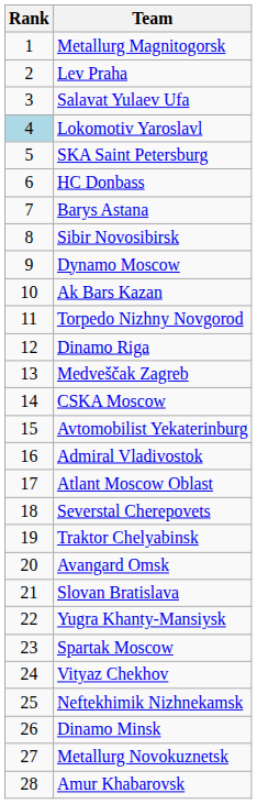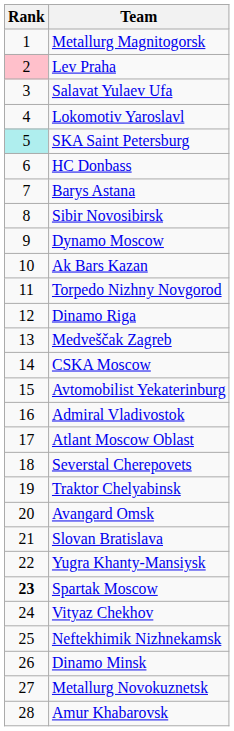 <table class="wikitable">
 <tr>
 <th align="center">Rank</th>
 <th>Team</th>
 </tr>
 <tr>
 <td rowspan="1" align="center">1</td>
 <td> <a href='#'>Metallurg Magnitogorsk</a></td>
 </tr>
 <tr>
-<td rowspan="1" align="center">2</td>
+<td rowspan="1" align="center" style="background: pink;">2</td>
 <td> <a href='#'>Lev Praha</a></td>
 </tr>
 <tr>
 <td rowspan="1" align="center">3</td>
 <td> <a href='#'>Salavat Yulaev Ufa</a></td>
 </tr>
 <tr>
-<td rowspan="1" align="center" style="background: lightblue;">4</td>
+<td rowspan="1" align="center">4</td>
 <td> <a href='#'>Lokomotiv Yaroslavl</a></td>
 </tr>
 <tr>
-<td rowspan="1" align="center">5</td>
+<td rowspan="1" align="center" style="background: paleturquoise;">5</td>
 <td> <a href='#'>SKA Saint Petersburg</a></td>
 </tr>
 <tr>
 <td rowspan="1" align="center">6</td>
 <td> <a href='#'>HC Donbass</a></td>
 </tr>
 <tr>
 <td rowspan="1" align="center">7</td>
 <td> <a href='#'>Barys Astana</a></td>
 </tr>
 <tr>
 <td rowspan="1" align="center">8</td>
 <td> <a href='#'>Sibir Novosibirsk</a></td>
 </tr>
 <tr>
 <td rowspan="1" align="center">9</td>
 <td> <a href='#'>Dynamo Moscow</a></td>
 </tr>
 <tr>
 <td rowspan="1" align="center">10</td>
 <td> <a href='#'>Ak Bars Kazan</a></td>
 </tr>
 <tr>
 <td rowspan="1" align="center">11</td>
 <td> <a href='#'>Torpedo Nizhny Novgorod</a></td>
 </tr>
 <tr>
 <td rowspan="1" align="center">12</td>
 <td> <a href='#'>Dinamo Riga</a></td>
 </tr>
 <tr>
 <td rowspan="1" align="center">13</td>
 <td> <a href='#'>Medveščak Zagreb</a></td>
 </tr>
 <tr>
 <td rowspan="1" align="center">14</td>
 <td> <a href='#'>CSKA Moscow</a></td>
 </tr>
 <tr>
 <td rowspan="1" align="center">15</td>
 <td> <a href='#'>Avtomobilist Yekaterinburg</a></td>
 </tr>
 <tr>
 <td rowspan="1" align="center">16</td>
 <td> <a href='#'>Admiral Vladivostok</a></td>
 </tr>
 <tr>
 <td rowspan="1" align="center">17</td>
 <td> <a href='#'>Atlant Moscow Oblast</a></td>
 </tr>
 <tr>
 <td rowspan="1" align="center">18</td>
 <td> <a href='#'>Severstal Cherepovets</a></td>
 </tr>
 <tr>
 <td rowspan="1" align="center">19</td>
 <td> <a href='#'>Traktor Chelyabinsk</a></td>
 </tr>
 <tr>
 <td rowspan="1" align="center">20</td>
 <td> <a href='#'>Avangard Omsk</a></td>
 </tr>
 <tr>
 <td rowspan="1" align="center">21</td>
 <td> <a href='#'>Slovan Bratislava</a></td>
 </tr>
 <tr>
 <td rowspan="1" align="center">22</td>
 <td> <a href='#'>Yugra Khanty-Mansiysk</a></td>
 </tr>
 <tr>
-<td rowspan="1" align="center">23</td>
+<td rowspan="1" align="center"><strong>23</strong></td>
 <td> <a href='#'>Spartak Moscow</a></td>
 </tr>
 <tr>
 <td rowspan="1" align="center">24</td>
 <td> <a href='#'>Vityaz Chekhov</a></td>
 </tr>
 <tr>
 <td rowspan="1" align="center">25</td>
 <td> <a href='#'>Neftekhimik Nizhnekamsk</a></td>
 </tr>
 <tr>
 <td rowspan="1" align="center">26</td>
 <td> <a href='#'>Dinamo Minsk</a></td>
 </tr>
 <tr>
 <td rowspan="1" align="center">27</td>
 <td> <a href='#'>Metallurg Novokuznetsk</a></td>
 </tr>
 <tr>
 <td rowspan="1" align="center">28</td>
 <td> <a href='#'>Amur Khabarovsk</a></td>
 </tr>
 </table>
